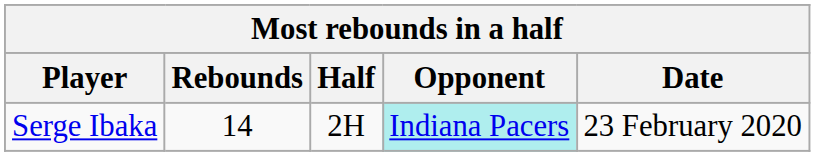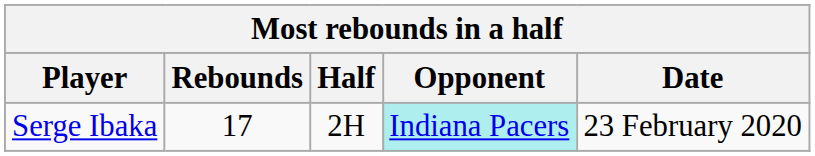 <table class="wikitable" style="text-align:center">
 <tr>
 <th colspan="5">Most rebounds in a half</th>
 </tr>
 <tr>
 <th>Player</th>
 <th>Rebounds</th>
 <th>Half</th>
 <th>Opponent</th>
 <th>Date</th>
 </tr>
 <tr>
 <td><a href='#'>Serge Ibaka</a></td>
-<td>14</td>
+<td>17</td>
 <td>2H</td>
 <td style="background: paleturquoise;"><a href='#'>Indiana Pacers</a></td>
 <td>23 February 2020</td>
 </tr>
 </table>
